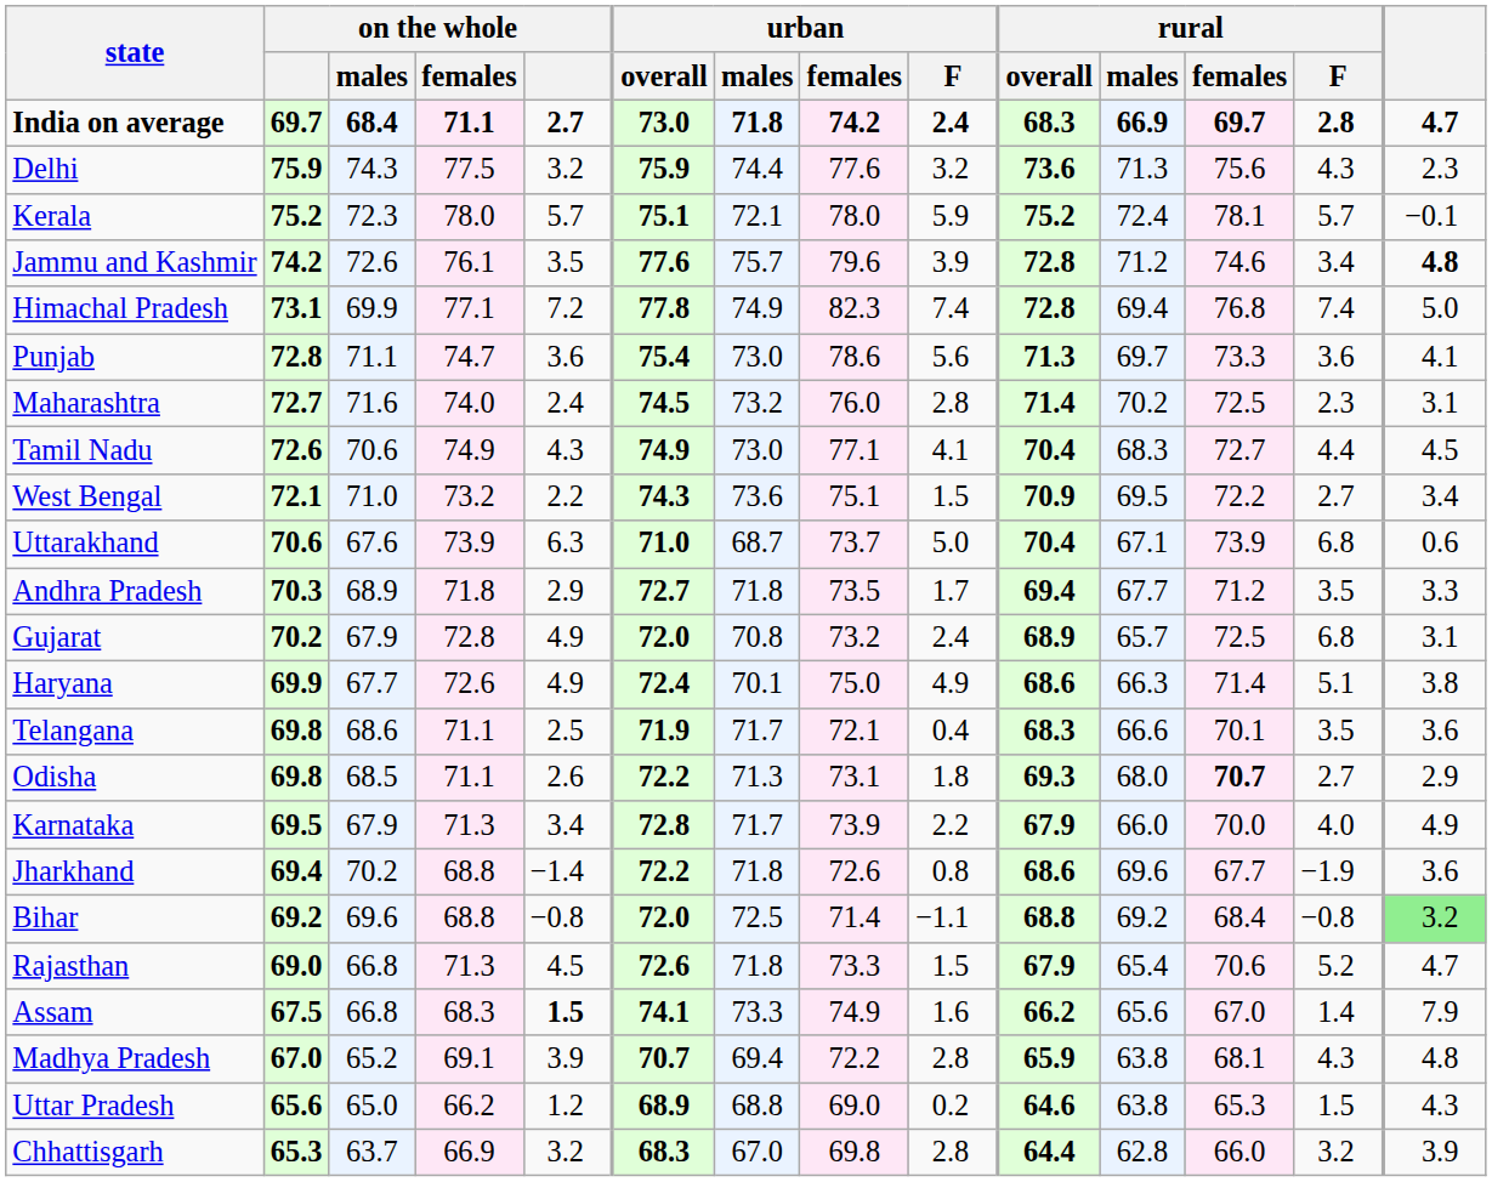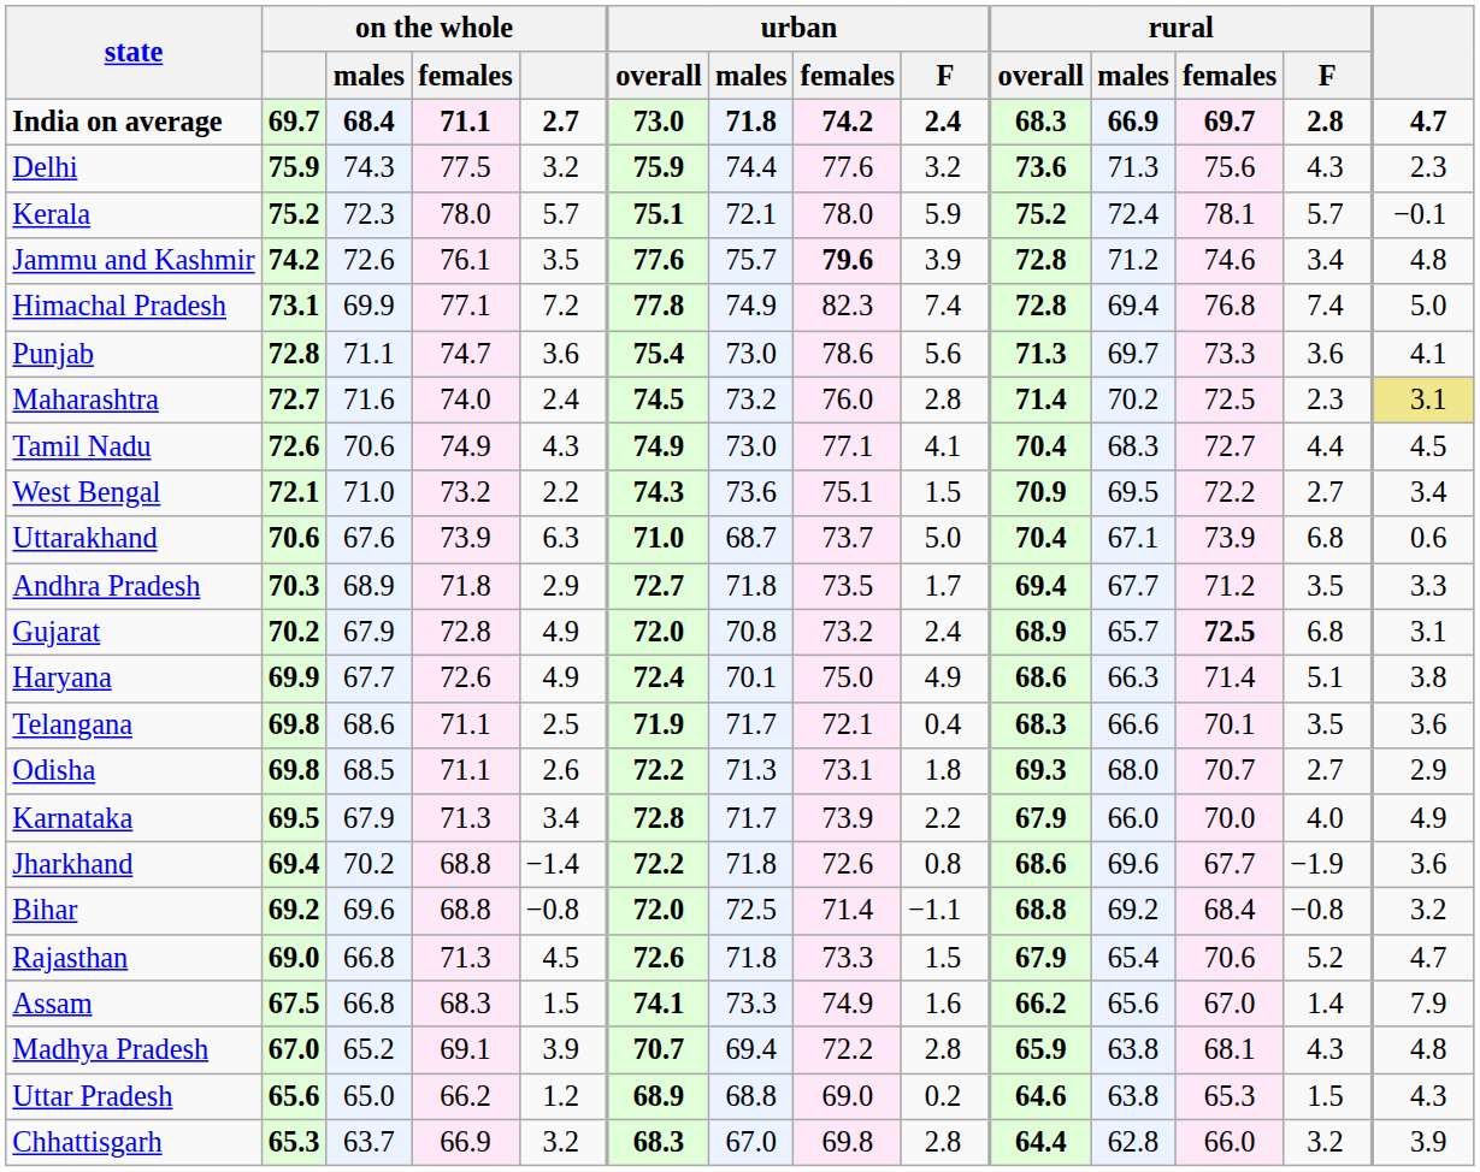 <table class="wikitable sortable static-row-numbers sort-under" style="text-align:right;">
 <tr class="static-row-header" style="text-align:center;vertical-align:bottom;">
 <th rowspan=2 style="vertical-align:middle;"><a href='#'>state</a></th>
 <th colspan=4>on the whole</th>
 <th colspan=4 style="border-left-width:2px;">urban</th>
 <th colspan=4 style="border-left-width:2px;">rural</th>
 <th rowspan=2 style="width:3em;vertical-align:middle;border-left-width:2px;"></th>
 </tr>
 <tr class="static-row-header" style="text-align:center;vertical-align:bottom;">
 <th style="vertical-align:middle;"></th>
 <th style="vertical-align:middle;">males</th>
 <th style="vertical-align:middle;">females</th>
 <th style="width:2.5em;"></th>
 <th style="vertical-align:middle;border-left-width:2px;">overall</th>
 <th style="vertical-align:middle;">males</th>
 <th style="vertical-align:middle;">females</th>
 <th style="width:2.5em;">F </th>
 <th style="vertical-align:middle;border-left-width:2px;">overall</th>
 <th style="vertical-align:middle;">males</th>
 <th style="vertical-align:middle;">females</th>
 <th style="width:2.5em;">F </th>
 </tr>
 <tr class=static-row-header>
 <td style="text-align:left;"><strong>India on average</strong></td>
 <td style="text-align:center; background:#e0ffd8;"><strong>69.7</strong></td>
 <td style="text-align:center;background:#eaf3ff;"><strong>68.4</strong></td>
 <td style="text-align:center;background:#fee7f6;"><strong>71.1</strong></td>
 <td style="padding-right:2ex;"><strong>2.7</strong></td>
 <td style="text-align:center;background:#e0ffd8;border-left-width:2px;"><strong>73.0</strong></td>
 <td style="text-align:center;background:#eaf3ff;"><strong>71.8</strong></td>
 <td style="text-align:center;background:#fee7f6;"><strong>74.2</strong></td>
 <td style="padding-right:2ex;"><strong>2.4</strong></td>
 <td style="text-align:center;background:#e0ffd8;border-left-width:2px;"><strong>68.3</strong></td>
 <td style="text-align:center;background:#eaf3ff;"><strong>66.9</strong></td>
 <td style="text-align:center;background:#fee7f6;"><strong>69.7</strong></td>
 <td style="padding-right:2ex;"><strong>2.8</strong></td>
 <td style="padding-right:2ex;border-left-width:2px;"><strong>4.7</strong></td>
 </tr>
 <tr>
 <td style="text-align:left;"><a href='#'>Delhi</a></td>
 <td style="text-align:center; background:#e0ffd8;"><strong>75.9</strong></td>
 <td style="text-align:center;background:#eaf3ff;">74.3</td>
 <td style="text-align:center;background:#fee7f6;">77.5</td>
 <td style="padding-right:2ex;">3.2</td>
 <td style="text-align:center;background:#e0ffd8;border-left-width:2px;"><strong>75.9</strong></td>
 <td style="text-align:center;background:#eaf3ff;">74.4</td>
 <td style="text-align:center;background:#fee7f6;">77.6</td>
 <td style="padding-right:2ex;">3.2</td>
 <td style="text-align:center;background:#e0ffd8;border-left-width:2px;"><strong>73.6</strong></td>
 <td style="text-align:center;background:#eaf3ff;">71.3</td>
 <td style="text-align:center;background:#fee7f6;">75.6</td>
 <td style="padding-right:2ex;">4.3</td>
 <td style="padding-right:2ex;border-left-width:2px;">2.3</td>
 </tr>
 <tr>
 <td style="text-align:left;"><a href='#'>Kerala</a></td>
 <td style="text-align:center; background:#e0ffd8;"><strong>75.2</strong></td>
 <td style="text-align:center;background:#eaf3ff;">72.3</td>
 <td style="text-align:center;background:#fee7f6;">78.0</td>
 <td style="padding-right:2ex;">5.7</td>
 <td style="text-align:center;background:#e0ffd8;border-left-width:2px;"><strong>75.1</strong></td>
 <td style="text-align:center;background:#eaf3ff;">72.1</td>
 <td style="text-align:center;background:#fee7f6;">78.0</td>
 <td style="padding-right:2ex;">5.9</td>
 <td style="text-align:center;background:#e0ffd8;border-left-width:2px;"><strong>75.2</strong></td>
 <td style="text-align:center;background:#eaf3ff;">72.4</td>
 <td style="text-align:center;background:#fee7f6;">78.1</td>
 <td style="padding-right:2ex;">5.7</td>
 <td style="padding-right:2ex;border-left-width:2px;">−0.1</td>
 </tr>
 <tr>
 <td style="text-align:left;"><a href='#'>Jammu and Kashmir</a></td>
 <td style="text-align:center; background:#e0ffd8;"><strong>74.2</strong></td>
 <td style="text-align:center;background:#eaf3ff;">72.6</td>
 <td style="text-align:center;background:#fee7f6;">76.1</td>
 <td style="padding-right:2ex;">3.5</td>
 <td style="text-align:center;background:#e0ffd8;border-left-width:2px;"><strong>77.6</strong></td>
 <td style="text-align:center;background:#eaf3ff;">75.7</td>
-<td style="text-align:center;background:#fee7f6;">79.6</td>
+<td style="text-align:center;background:#fee7f6;"><strong>79.6</strong></td>
 <td style="padding-right:2ex;">3.9</td>
 <td style="text-align:center;background:#e0ffd8;border-left-width:2px;"><strong>72.8</strong></td>
 <td style="text-align:center;background:#eaf3ff;">71.2</td>
 <td style="text-align:center;background:#fee7f6;">74.6</td>
 <td style="padding-right:2ex;">3.4</td>
-<td style="padding-right:2ex;border-left-width:2px;"><strong>4.8</strong></td>
+<td style="padding-right:2ex;border-left-width:2px;">4.8</td>
 </tr>
 <tr>
 <td style="text-align:left;"><a href='#'>Himachal Pradesh</a></td>
 <td style="text-align:center; background:#e0ffd8;"><strong>73.1</strong></td>
 <td style="text-align:center;background:#eaf3ff;">69.9</td>
 <td style="text-align:center;background:#fee7f6;">77.1</td>
 <td style="padding-right:2ex;">7.2</td>
 <td style="text-align:center;background:#e0ffd8;border-left-width:2px;"><strong>77.8</strong></td>
 <td style="text-align:center;background:#eaf3ff;">74.9</td>
 <td style="text-align:center;background:#fee7f6;">82.3</td>
 <td style="padding-right:2ex;">7.4</td>
 <td style="text-align:center;background:#e0ffd8;border-left-width:2px;"><strong>72.8</strong></td>
 <td style="text-align:center;background:#eaf3ff;">69.4</td>
 <td style="text-align:center;background:#fee7f6;">76.8</td>
 <td style="padding-right:2ex;">7.4</td>
 <td style="padding-right:2ex;border-left-width:2px;">5.0</td>
 </tr>
 <tr>
 <td style="text-align:left;"><a href='#'>Punjab</a></td>
 <td style="text-align:center; background:#e0ffd8;"><strong>72.8</strong></td>
 <td style="text-align:center;background:#eaf3ff;">71.1</td>
 <td style="text-align:center;background:#fee7f6;">74.7</td>
 <td style="padding-right:2ex;">3.6</td>
 <td style="text-align:center;background:#e0ffd8;border-left-width:2px;"><strong>75.4</strong></td>
 <td style="text-align:center;background:#eaf3ff;">73.0</td>
 <td style="text-align:center;background:#fee7f6;">78.6</td>
 <td style="padding-right:2ex;">5.6</td>
 <td style="text-align:center;background:#e0ffd8;border-left-width:2px;"><strong>71.3</strong></td>
 <td style="text-align:center;background:#eaf3ff;">69.7</td>
 <td style="text-align:center;background:#fee7f6;">73.3</td>
 <td style="padding-right:2ex;">3.6</td>
 <td style="padding-right:2ex;border-left-width:2px;">4.1</td>
 </tr>
 <tr>
 <td style="text-align:left;"><a href='#'>Maharashtra</a></td>
 <td style="text-align:center; background:#e0ffd8;"><strong>72.7</strong></td>
 <td style="text-align:center;background:#eaf3ff;">71.6</td>
 <td style="text-align:center;background:#fee7f6;">74.0</td>
 <td style="padding-right:2ex;">2.4</td>
 <td style="text-align:center;background:#e0ffd8;border-left-width:2px;"><strong>74.5</strong></td>
 <td style="text-align:center;background:#eaf3ff;">73.2</td>
 <td style="text-align:center;background:#fee7f6;">76.0</td>
 <td style="padding-right:2ex;">2.8</td>
 <td style="text-align:center;background:#e0ffd8;border-left-width:2px;"><strong>71.4</strong></td>
 <td style="text-align:center;background:#eaf3ff;">70.2</td>
 <td style="text-align:center;background:#fee7f6;">72.5</td>
 <td style="padding-right:2ex;">2.3</td>
-<td style="padding-right:2ex;border-left-width:2px;">3.1</td>
+<td style="background: khaki; padding-right:2ex;border-left-width:2px;">3.1</td>
 </tr>
 <tr>
 <td style="text-align:left;"><a href='#'>Tamil Nadu</a></td>
 <td style="text-align:center; background:#e0ffd8;"><strong>72.6</strong></td>
 <td style="text-align:center;background:#eaf3ff;">70.6</td>
 <td style="text-align:center;background:#fee7f6;">74.9</td>
 <td style="padding-right:2ex;">4.3</td>
 <td style="text-align:center;background:#e0ffd8;border-left-width:2px;"><strong>74.9</strong></td>
 <td style="text-align:center;background:#eaf3ff;">73.0</td>
 <td style="text-align:center;background:#fee7f6;">77.1</td>
 <td style="padding-right:2ex;">4.1</td>
 <td style="text-align:center;background:#e0ffd8;border-left-width:2px;"><strong>70.4</strong></td>
 <td style="text-align:center;background:#eaf3ff;">68.3</td>
 <td style="text-align:center;background:#fee7f6;">72.7</td>
 <td style="padding-right:2ex;">4.4</td>
 <td style="padding-right:2ex;border-left-width:2px;">4.5</td>
 </tr>
 <tr>
 <td style="text-align:left;"><a href='#'>West Bengal</a></td>
 <td style="text-align:center; background:#e0ffd8;"><strong>72.1</strong></td>
 <td style="text-align:center;background:#eaf3ff;">71.0</td>
 <td style="text-align:center;background:#fee7f6;">73.2</td>
 <td style="padding-right:2ex;">2.2</td>
 <td style="text-align:center;background:#e0ffd8;border-left-width:2px;"><strong>74.3</strong></td>
 <td style="text-align:center;background:#eaf3ff;">73.6</td>
 <td style="text-align:center;background:#fee7f6;">75.1</td>
 <td style="padding-right:2ex;">1.5</td>
 <td style="text-align:center;background:#e0ffd8;border-left-width:2px;"><strong>70.9</strong></td>
 <td style="text-align:center;background:#eaf3ff;">69.5</td>
 <td style="text-align:center;background:#fee7f6;">72.2</td>
 <td style="padding-right:2ex;">2.7</td>
 <td style="padding-right:2ex;border-left-width:2px;">3.4</td>
 </tr>
 <tr>
 <td style="text-align:left;"><a href='#'>Uttarakhand</a></td>
 <td style="text-align:center; background:#e0ffd8;"><strong>70.6</strong></td>
 <td style="text-align:center;background:#eaf3ff;">67.6</td>
 <td style="text-align:center;background:#fee7f6;">73.9</td>
 <td style="padding-right:2ex;">6.3</td>
 <td style="text-align:center;background:#e0ffd8;border-left-width:2px;"><strong>71.0</strong></td>
 <td style="text-align:center;background:#eaf3ff;">68.7</td>
 <td style="text-align:center;background:#fee7f6;">73.7</td>
 <td style="padding-right:2ex;">5.0</td>
 <td style="text-align:center;background:#e0ffd8;border-left-width:2px;"><strong>70.4</strong></td>
 <td style="text-align:center;background:#eaf3ff;">67.1</td>
 <td style="text-align:center;background:#fee7f6;">73.9</td>
 <td style="padding-right:2ex;">6.8</td>
 <td style="padding-right:2ex;border-left-width:2px;">0.6</td>
 </tr>
 <tr>
 <td style="text-align:left;"><a href='#'>Andhra Pradesh</a></td>
 <td style="text-align:center; background:#e0ffd8;"><strong>70.3</strong></td>
 <td style="text-align:center;background:#eaf3ff;">68.9</td>
 <td style="text-align:center;background:#fee7f6;">71.8</td>
 <td style="padding-right:2ex;">2.9</td>
 <td style="text-align:center;background:#e0ffd8;border-left-width:2px;"><strong>72.7</strong></td>
 <td style="text-align:center;background:#eaf3ff;">71.8</td>
 <td style="text-align:center;background:#fee7f6;">73.5</td>
 <td style="padding-right:2ex;">1.7</td>
 <td style="text-align:center;background:#e0ffd8;border-left-width:2px;"><strong>69.4</strong></td>
 <td style="text-align:center;background:#eaf3ff;">67.7</td>
 <td style="text-align:center;background:#fee7f6;">71.2</td>
 <td style="padding-right:2ex;">3.5</td>
 <td style="padding-right:2ex;border-left-width:2px;">3.3</td>
 </tr>
 <tr>
 <td style="text-align:left;"><a href='#'>Gujarat</a></td>
 <td style="text-align:center; background:#e0ffd8;"><strong>70.2</strong></td>
 <td style="text-align:center;background:#eaf3ff;">67.9</td>
 <td style="text-align:center;background:#fee7f6;">72.8</td>
 <td style="padding-right:2ex;">4.9</td>
 <td style="text-align:center;background:#e0ffd8;border-left-width:2px;"><strong>72.0</strong></td>
 <td style="text-align:center;background:#eaf3ff;">70.8</td>
 <td style="text-align:center;background:#fee7f6;">73.2</td>
 <td style="padding-right:2ex;">2.4</td>
 <td style="text-align:center;background:#e0ffd8;border-left-width:2px;"><strong>68.9</strong></td>
 <td style="text-align:center;background:#eaf3ff;">65.7</td>
-<td style="text-align:center;background:#fee7f6;">72.5</td>
+<td style="text-align:center;background:#fee7f6;"><strong>72.5</strong></td>
 <td style="padding-right:2ex;">6.8</td>
 <td style="padding-right:2ex;border-left-width:2px;">3.1</td>
 </tr>
 <tr>
 <td style="text-align:left;"><a href='#'>Haryana</a></td>
 <td style="text-align:center; background:#e0ffd8;"><strong>69.9</strong></td>
 <td style="text-align:center;background:#eaf3ff;">67.7</td>
 <td style="text-align:center;background:#fee7f6;">72.6</td>
 <td style="padding-right:2ex;">4.9</td>
 <td style="text-align:center;background:#e0ffd8;border-left-width:2px;"><strong>72.4</strong></td>
 <td style="text-align:center;background:#eaf3ff;">70.1</td>
 <td style="text-align:center;background:#fee7f6;">75.0</td>
 <td style="padding-right:2ex;">4.9</td>
 <td style="text-align:center;background:#e0ffd8;border-left-width:2px;"><strong>68.6</strong></td>
 <td style="text-align:center;background:#eaf3ff;">66.3</td>
 <td style="text-align:center;background:#fee7f6;">71.4</td>
 <td style="padding-right:2ex;">5.1</td>
 <td style="padding-right:2ex;border-left-width:2px;">3.8</td>
 </tr>
 <tr>
 <td style="text-align:left;"><a href='#'>Telangana</a></td>
 <td style="text-align:center; background:#e0ffd8;"><strong>69.8</strong></td>
 <td style="text-align:center;background:#eaf3ff;">68.6</td>
 <td style="text-align:center;background:#fee7f6;">71.1</td>
 <td style="padding-right:2ex;">2.5</td>
 <td style="text-align:center;background:#e0ffd8;border-left-width:2px;"><strong>71.9</strong></td>
 <td style="text-align:center;background:#eaf3ff;">71.7</td>
 <td style="text-align:center;background:#fee7f6;">72.1</td>
 <td style="padding-right:2ex;">0.4</td>
 <td style="text-align:center;background:#e0ffd8;border-left-width:2px;"><strong>68.3</strong></td>
 <td style="text-align:center;background:#eaf3ff;">66.6</td>
 <td style="text-align:center;background:#fee7f6;">70.1</td>
 <td style="padding-right:2ex;">3.5</td>
 <td style="padding-right:2ex;border-left-width:2px;">3.6</td>
 </tr>
 <tr>
 <td style="text-align:left;"><a href='#'>Odisha</a></td>
 <td style="text-align:center; background:#e0ffd8;"><strong>69.8</strong></td>
 <td style="text-align:center;background:#eaf3ff;">68.5</td>
 <td style="text-align:center;background:#fee7f6;">71.1</td>
 <td style="padding-right:2ex;">2.6</td>
 <td style="text-align:center;background:#e0ffd8;border-left-width:2px;"><strong>72.2</strong></td>
 <td style="text-align:center;background:#eaf3ff;">71.3</td>
 <td style="text-align:center;background:#fee7f6;">73.1</td>
 <td style="padding-right:2ex;">1.8</td>
 <td style="text-align:center;background:#e0ffd8;border-left-width:2px;"><strong>69.3</strong></td>
 <td style="text-align:center;background:#eaf3ff;">68.0</td>
-<td style="text-align:center;background:#fee7f6;"><strong>70.7</strong></td>
+<td style="text-align:center;background:#fee7f6;">70.7</td>
 <td style="padding-right:2ex;">2.7</td>
 <td style="padding-right:2ex;border-left-width:2px;">2.9</td>
 </tr>
 <tr>
 <td style="text-align:left;"><a href='#'>Karnataka</a></td>
 <td style="text-align:center; background:#e0ffd8;"><strong>69.5</strong></td>
 <td style="text-align:center;background:#eaf3ff;">67.9</td>
 <td style="text-align:center;background:#fee7f6;">71.3</td>
 <td style="padding-right:2ex;">3.4</td>
 <td style="text-align:center;background:#e0ffd8;border-left-width:2px;"><strong>72.8</strong></td>
 <td style="text-align:center;background:#eaf3ff;">71.7</td>
 <td style="text-align:center;background:#fee7f6;">73.9</td>
 <td style="padding-right:2ex;">2.2</td>
 <td style="text-align:center;background:#e0ffd8;border-left-width:2px;"><strong>67.9</strong></td>
 <td style="text-align:center;background:#eaf3ff;">66.0</td>
 <td style="text-align:center;background:#fee7f6;">70.0</td>
 <td style="padding-right:2ex;">4.0</td>
 <td style="padding-right:2ex;border-left-width:2px;">4.9</td>
 </tr>
 <tr>
 <td style="text-align:left;"><a href='#'>Jharkhand</a></td>
 <td style="text-align:center; background:#e0ffd8;"><strong>69.4</strong></td>
 <td style="text-align:center;background:#eaf3ff;">70.2</td>
 <td style="text-align:center;background:#fee7f6;">68.8</td>
 <td style="padding-right:2ex;">−1.4</td>
 <td style="text-align:center;background:#e0ffd8;border-left-width:2px;"><strong>72.2</strong></td>
 <td style="text-align:center;background:#eaf3ff;">71.8</td>
 <td style="text-align:center;background:#fee7f6;">72.6</td>
 <td style="padding-right:2ex;">0.8</td>
 <td style="text-align:center;background:#e0ffd8;border-left-width:2px;"><strong>68.6</strong></td>
 <td style="text-align:center;background:#eaf3ff;">69.6</td>
 <td style="text-align:center;background:#fee7f6;">67.7</td>
 <td style="padding-right:2ex;">−1.9</td>
 <td style="padding-right:2ex;border-left-width:2px;">3.6</td>
 </tr>
 <tr>
 <td style="text-align:left;"><a href='#'>Bihar</a></td>
 <td style="text-align:center; background:#e0ffd8;"><strong>69.2</strong></td>
 <td style="text-align:center;background:#eaf3ff;">69.6</td>
 <td style="text-align:center;background:#fee7f6;">68.8</td>
 <td style="padding-right:2ex;">−0.8</td>
 <td style="text-align:center;background:#e0ffd8;border-left-width:2px;"><strong>72.0</strong></td>
 <td style="text-align:center;background:#eaf3ff;">72.5</td>
 <td style="text-align:center;background:#fee7f6;">71.4</td>
 <td style="padding-right:2ex;">−1.1</td>
 <td style="text-align:center;background:#e0ffd8;border-left-width:2px;"><strong>68.8</strong></td>
 <td style="text-align:center;background:#eaf3ff;">69.2</td>
 <td style="text-align:center;background:#fee7f6;">68.4</td>
 <td style="padding-right:2ex;">−0.8</td>
-<td style="background: lightgreen; padding-right:2ex;border-left-width:2px;">3.2</td>
+<td style="padding-right:2ex;border-left-width:2px;">3.2</td>
 </tr>
 <tr>
 <td style="text-align:left;"><a href='#'>Rajasthan</a></td>
 <td style="text-align:center; background:#e0ffd8;"><strong>69.0</strong></td>
 <td style="text-align:center;background:#eaf3ff;">66.8</td>
 <td style="text-align:center;background:#fee7f6;">71.3</td>
 <td style="padding-right:2ex;">4.5</td>
 <td style="text-align:center;background:#e0ffd8;border-left-width:2px;"><strong>72.6</strong></td>
 <td style="text-align:center;background:#eaf3ff;">71.8</td>
 <td style="text-align:center;background:#fee7f6;">73.3</td>
 <td style="padding-right:2ex;">1.5</td>
 <td style="text-align:center;background:#e0ffd8;border-left-width:2px;"><strong>67.9</strong></td>
 <td style="text-align:center;background:#eaf3ff;">65.4</td>
 <td style="text-align:center;background:#fee7f6;">70.6</td>
 <td style="padding-right:2ex;">5.2</td>
 <td style="padding-right:2ex;border-left-width:2px;">4.7</td>
 </tr>
 <tr>
 <td style="text-align:left;"><a href='#'>Assam</a></td>
 <td style="text-align:center; background:#e0ffd8;"><strong>67.5</strong></td>
 <td style="text-align:center;background:#eaf3ff;">66.8</td>
 <td style="text-align:center;background:#fee7f6;">68.3</td>
-<td style="padding-right:2ex;"><strong>1.5</strong></td>
+<td style="padding-right:2ex;">1.5</td>
 <td style="text-align:center;background:#e0ffd8;border-left-width:2px;"><strong>74.1</strong></td>
 <td style="text-align:center;background:#eaf3ff;">73.3</td>
 <td style="text-align:center;background:#fee7f6;">74.9</td>
 <td style="padding-right:2ex;">1.6</td>
 <td style="text-align:center;background:#e0ffd8;border-left-width:2px;"><strong>66.2</strong></td>
 <td style="text-align:center;background:#eaf3ff;">65.6</td>
 <td style="text-align:center;background:#fee7f6;">67.0</td>
 <td style="padding-right:2ex;">1.4</td>
 <td style="padding-right:2ex;border-left-width:2px;">7.9</td>
 </tr>
 <tr>
 <td style="text-align:left;"><a href='#'>Madhya Pradesh</a></td>
 <td style="text-align:center; background:#e0ffd8;"><strong>67.0</strong></td>
 <td style="text-align:center;background:#eaf3ff;">65.2</td>
 <td style="text-align:center;background:#fee7f6;">69.1</td>
 <td style="padding-right:2ex;">3.9</td>
 <td style="text-align:center;background:#e0ffd8;border-left-width:2px;"><strong>70.7</strong></td>
 <td style="text-align:center;background:#eaf3ff;">69.4</td>
 <td style="text-align:center;background:#fee7f6;">72.2</td>
 <td style="padding-right:2ex;">2.8</td>
 <td style="text-align:center;background:#e0ffd8;border-left-width:2px;"><strong>65.9</strong></td>
 <td style="text-align:center;background:#eaf3ff;">63.8</td>
 <td style="text-align:center;background:#fee7f6;">68.1</td>
 <td style="padding-right:2ex;">4.3</td>
 <td style="padding-right:2ex;border-left-width:2px;">4.8</td>
 </tr>
 <tr>
 <td style="text-align:left;"><a href='#'>Uttar Pradesh</a></td>
 <td style="text-align:center; background:#e0ffd8;"><strong>65.6</strong></td>
 <td style="text-align:center;background:#eaf3ff;">65.0</td>
 <td style="text-align:center;background:#fee7f6;">66.2</td>
 <td style="padding-right:2ex;">1.2</td>
 <td style="text-align:center;background:#e0ffd8;border-left-width:2px;"><strong>68.9</strong></td>
 <td style="text-align:center;background:#eaf3ff;">68.8</td>
 <td style="text-align:center;background:#fee7f6;">69.0</td>
 <td style="padding-right:2ex;">0.2</td>
 <td style="text-align:center;background:#e0ffd8;border-left-width:2px;"><strong>64.6</strong></td>
 <td style="text-align:center;background:#eaf3ff;">63.8</td>
 <td style="text-align:center;background:#fee7f6;">65.3</td>
 <td style="padding-right:2ex;">1.5</td>
 <td style="padding-right:2ex;border-left-width:2px;">4.3</td>
 </tr>
 <tr>
 <td style="text-align:left;"><a href='#'>Chhattisgarh</a></td>
 <td style="text-align:center; background:#e0ffd8;"><strong>65.3</strong></td>
 <td style="text-align:center;background:#eaf3ff;">63.7</td>
 <td style="text-align:center;background:#fee7f6;">66.9</td>
 <td style="padding-right:2ex;">3.2</td>
 <td style="text-align:center;background:#e0ffd8;border-left-width:2px;"><strong>68.3</strong></td>
 <td style="text-align:center;background:#eaf3ff;">67.0</td>
 <td style="text-align:center;background:#fee7f6;">69.8</td>
 <td style="padding-right:2ex;">2.8</td>
 <td style="text-align:center;background:#e0ffd8;border-left-width:2px;"><strong>64.4</strong></td>
 <td style="text-align:center;background:#eaf3ff;">62.8</td>
 <td style="text-align:center;background:#fee7f6;">66.0</td>
 <td style="padding-right:2ex;">3.2</td>
 <td style="padding-right:2ex;border-left-width:2px;">3.9</td>
 </tr>
 </table>
